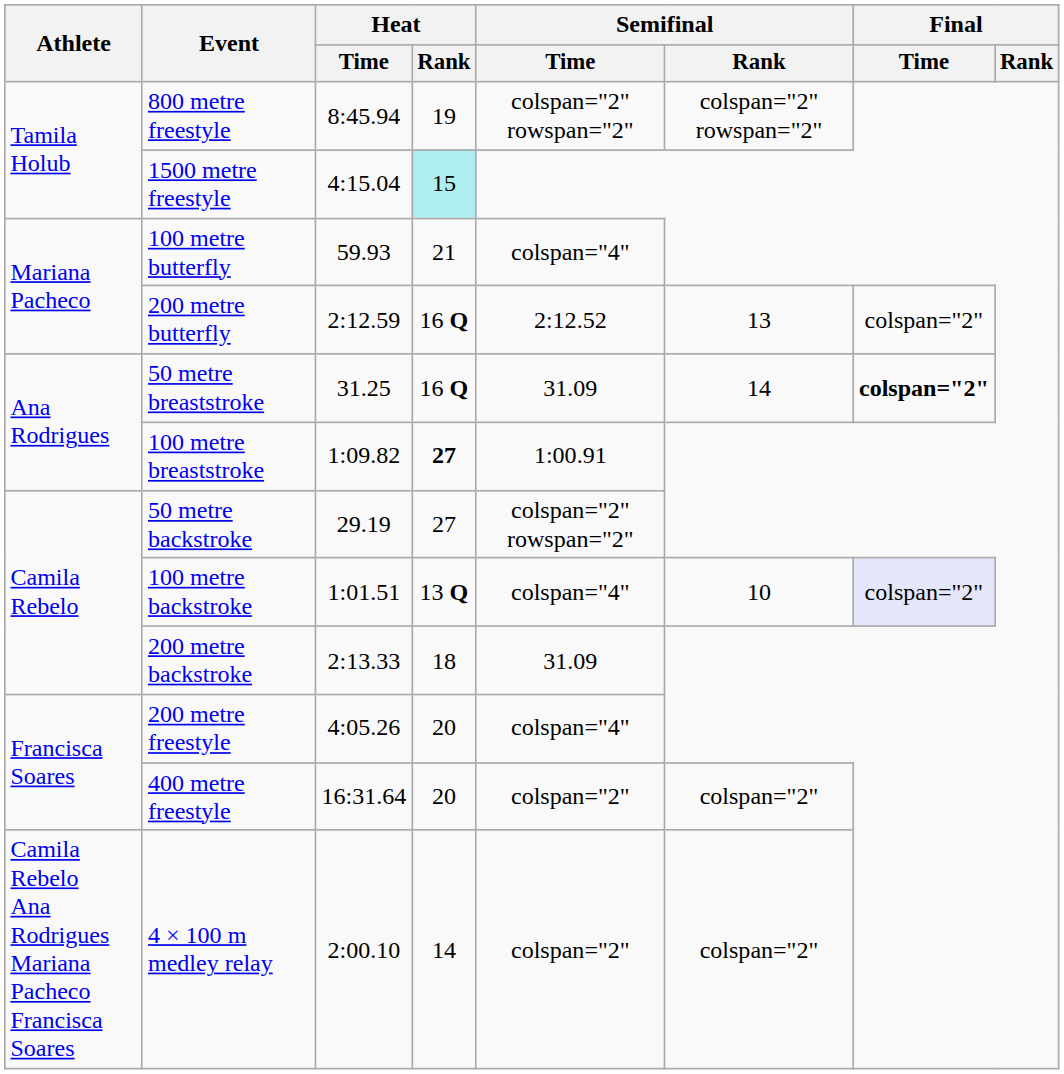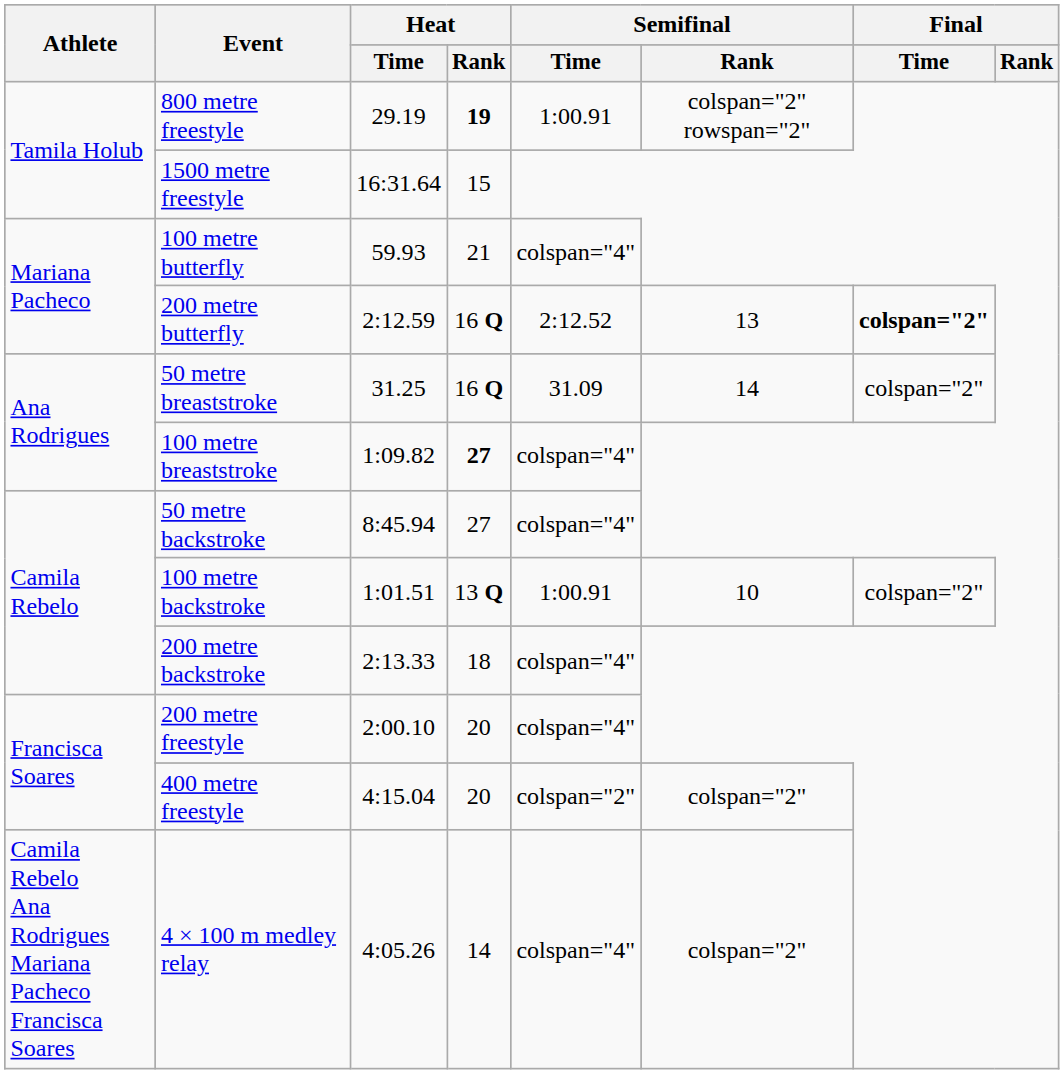 <table class="wikitable" style="text-align:center; font-size:90%; width:50%;">
 <tr>
 <th rowspan="2">Athlete</th>
 <th rowspan="2">Event</th>
 <th colspan="2">Heat</th>
 <th colspan="2">Semifinal</th>
 <th colspan="2">Final</th>
 </tr>
 <tr style="font-size:95%">
 <th>Time</th>
 <th>Rank</th>
 <th>Time</th>
 <th>Rank</th>
 <th>Time</th>
 <th>Rank</th>
 </tr>
 <tr align=center>
 <td align=left rowspan="2"><a href='#'>Tamila Holub</a></td>
 <td align=left><a href='#'>800 metre freestyle</a></td>
-<td>8:45.94</td>
-<td>19</td>
-<td>colspan="2" rowspan="2"  </td>
+<td>29.19</td>
+<td><strong>19</strong></td>
+<td>1:00.91</td>
 <td>colspan="2" rowspan="2" </td>
 </tr>
 <tr align=center>
 <td align=left><a href='#'>1500 metre freestyle</a></td>
-<td>4:15.04</td>
-<td style="background: paleturquoise;">15</td>
+<td>16:31.64</td>
+<td>15</td>
 </tr>
 <tr align=center>
 <td align=left rowspan="2"><a href='#'>Mariana Pacheco</a></td>
 <td align=left><a href='#'>100 metre butterfly</a></td>
 <td>59.93</td>
 <td>21</td>
 <td>colspan="4" </td>
 </tr>
 <tr align=center>
 <td align=left><a href='#'>200 metre butterfly</a></td>
 <td>2:12.59</td>
 <td>16 <strong>Q</strong></td>
 <td>2:12.52</td>
 <td>13</td>
-<td>colspan="2" </td>
+<td><strong>colspan="2" </strong></td>
 </tr>
 <tr align=center>
 <td align=left rowspan="2"><a href='#'>Ana Rodrigues</a></td>
 <td align=left><a href='#'>50 metre breaststroke</a></td>
 <td>31.25</td>
 <td>16 <strong>Q</strong></td>
 <td>31.09</td>
 <td>14</td>
-<td><strong>colspan="2"  </strong></td>
+<td>colspan="2"  </td>
 </tr>
 <tr align=center>
 <td align=left><a href='#'>100 metre breaststroke</a></td>
 <td>1:09.82</td>
 <td><strong>27</strong></td>
-<td>1:00.91</td>
+<td>colspan="4" </td>
 </tr>
 <tr align=center>
 <td align=left rowspan="3"><a href='#'>Camila Rebelo</a></td>
 <td align=left><a href='#'>50 metre backstroke</a></td>
-<td>29.19</td>
+<td>8:45.94</td>
 <td>27</td>
-<td>colspan="2" rowspan="2"  </td>
+<td>colspan="4" </td>
 </tr>
 <tr align=center>
 <td align=left><a href='#'>100 metre backstroke</a></td>
 <td>1:01.51</td>
 <td>13 <strong>Q</strong></td>
-<td>colspan="4" </td>
+<td>1:00.91</td>
 <td>10</td>
-<td style="background: lavender;">colspan="2" </td>
+<td>colspan="2" </td>
 </tr>
 <tr align=center>
 <td align=left><a href='#'>200 metre backstroke</a></td>
 <td>2:13.33</td>
 <td>18</td>
-<td>31.09</td>
+<td>colspan="4" </td>
 </tr>
 <tr align=center>
 <td align=left rowspan="2"><a href='#'>Francisca Soares</a></td>
 <td align=left><a href='#'>200 metre freestyle</a></td>
-<td>4:05.26</td>
+<td>2:00.10</td>
 <td>20</td>
 <td>colspan="4" </td>
 </tr>
 <tr align=center>
 <td align=left><a href='#'>400 metre freestyle</a></td>
-<td>16:31.64</td>
+<td>4:15.04</td>
 <td>20</td>
 <td>colspan="2" </td>
 <td>colspan="2" </td>
 </tr>
 <tr>
 <td align=left><a href='#'>Camila Rebelo</a> <br><a href='#'>Ana Rodrigues</a><br><a href='#'>Mariana Pacheco</a> <br><a href='#'>Francisca Soares</a></td>
 <td align=left><a href='#'>4 × 100 m medley relay</a></td>
-<td>2:00.10</td>
+<td>4:05.26</td>
 <td>14</td>
-<td>colspan="2"  </td>
+<td>colspan="4" </td>
 <td>colspan="2"  </td>
 </tr>
 </table>
